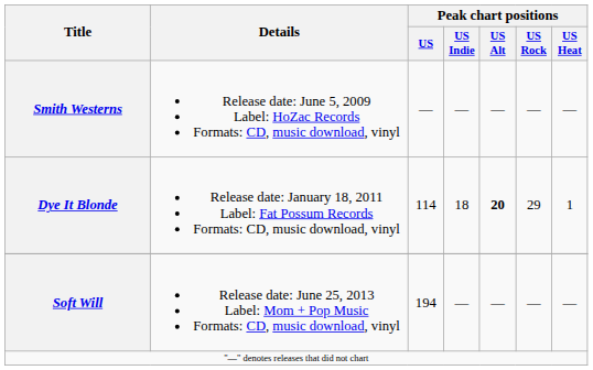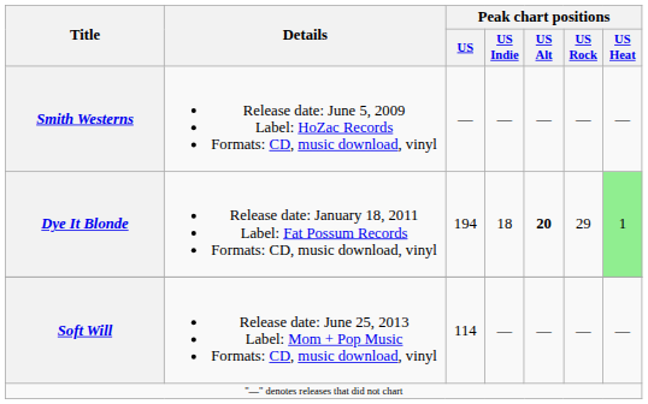 <table class="wikitable plainrowheaders" style="text-align:center;">
 <tr>
 <th rowspan="2" style="width:10em;">Title</th>
 <th rowspan="2" style="width:18em;">Details</th>
 <th colspan="5">Peak chart positions</th>
 </tr>
 <tr style="font-size:smaller;">
 <th width="35"><a href='#'>US</a><br></th>
 <th width="35"><a href='#'>US Indie</a><br></th>
 <th width="35"><a href='#'>US<br>Alt</a><br></th>
 <th width="35"><a href='#'>US Rock</a><br></th>
 <th width="35"><a href='#'>US Heat</a><br></th>
 </tr>
 <tr>
 <th scope="row"><em><a href='#'>Smith Westerns</a></em></th>
 <td><br><ul><li>Release date: June 5, 2009</li><li>Label: <a href='#'>HoZac Records</a></li><li>Formats: <a href='#'>CD</a>, <a href='#'>music download</a>, vinyl</li></ul></td>
 <td>—</td>
 <td>—</td>
 <td>—</td>
 <td>—</td>
 <td>—</td>
 </tr>
 <tr>
 <th scope="row"><em><a href='#'>Dye It Blonde</a></em></th>
 <td><br><ul><li>Release date: January 18, 2011</li><li>Label: <a href='#'>Fat Possum Records</a></li><li>Formats: CD, music download, vinyl</li></ul></td>
-<td>114</td>
+<td>194</td>
 <td>18</td>
 <td><strong>20</strong></td>
 <td>29</td>
-<td>1</td>
+<td style="background: lightgreen;">1</td>
 </tr>
 <tr>
 </tr>
 <tr>
 </tr>
 <tr>
 </tr>
 <tr>
 <th scope="row"><em><a href='#'>Soft Will</a></em></th>
 <td><br><ul><li>Release date: June 25, 2013</li><li>Label: <a href='#'>Mom + Pop Music</a></li><li>Formats: <a href='#'>CD</a>, <a href='#'>music download</a>, vinyl</li></ul></td>
-<td>194</td>
+<td>114</td>
 <td>—</td>
 <td>—</td>
 <td>—</td>
 <td>—</td>
 </tr>
 <tr>
 <td colspan="10" style="font-size:8pt">"—" denotes releases that did not chart</td>
 </tr>
 </table>
